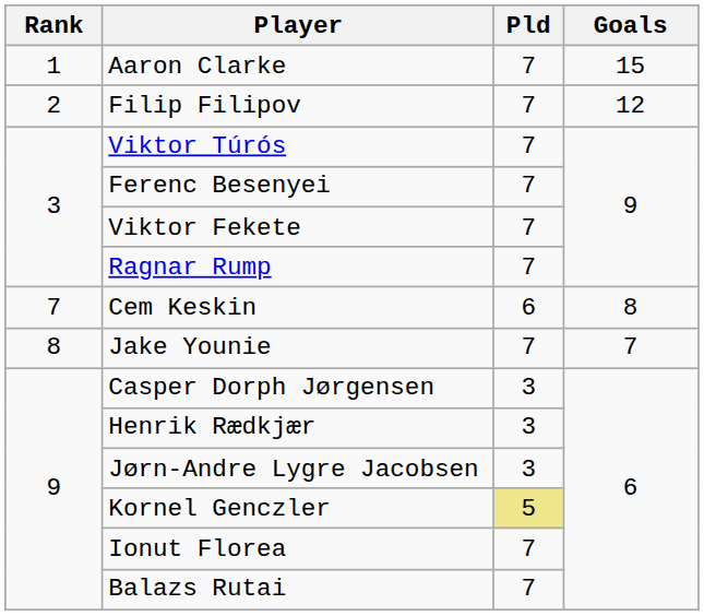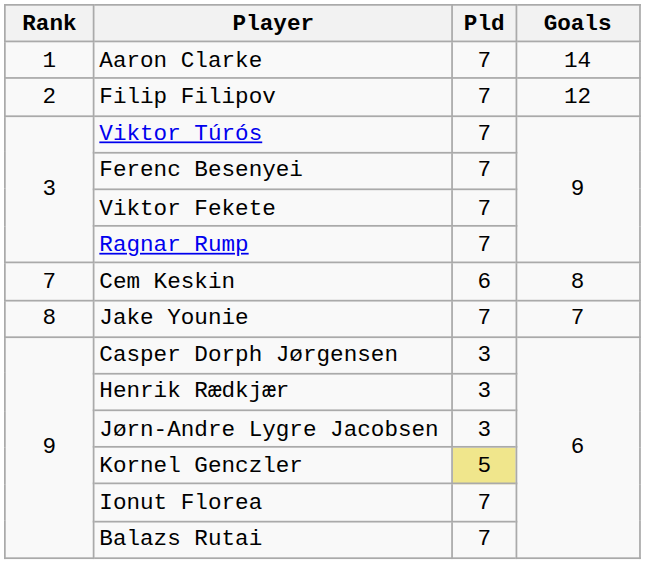 <table class="wikitable" style="text-align:center">
 <tr>
 <th width=45>Rank</th>
 <th width=200>Player</th>
 <th width=30>Pld</th>
 <th width=65>Goals</th>
 </tr>
 <tr>
 <td>1</td>
 <td style="text-align:left"> Aaron Clarke</td>
 <td>7</td>
-<td>15</td>
+<td>14</td>
 </tr>
 <tr>
 <td>2</td>
 <td style="text-align:left"> Filip Filipov</td>
 <td>7</td>
 <td>12</td>
 </tr>
 <tr>
 <td rowspan=4>3</td>
 <td style="text-align:left"> <a href='#'>Viktor Túrós</a></td>
 <td>7</td>
 <td rowspan=4>9</td>
 </tr>
 <tr>
 <td style="text-align:left"> Ferenc Besenyei</td>
 <td>7</td>
 </tr>
 <tr>
 <td style="text-align:left"> Viktor Fekete</td>
 <td>7</td>
 </tr>
 <tr>
 <td style="text-align:left"> <a href='#'>Ragnar Rump</a></td>
 <td>7</td>
 </tr>
 <tr>
 <td>7</td>
 <td style="text-align:left"> Cem Keskin</td>
 <td>6</td>
 <td>8</td>
 </tr>
 <tr>
 <td>8</td>
 <td style="text-align:left"> Jake Younie</td>
 <td>7</td>
 <td>7</td>
 </tr>
 <tr>
 <td rowspan=6>9</td>
 <td style="text-align:left"> Casper Dorph Jørgensen</td>
 <td>3</td>
 <td rowspan=6>6</td>
 </tr>
 <tr>
 <td style="text-align:left"> Henrik Rædkjær</td>
 <td>3</td>
 </tr>
 <tr>
 <td style="text-align:left"> Jørn-Andre Lygre Jacobsen</td>
 <td>3</td>
 </tr>
 <tr>
 <td style="text-align:left"> Kornel Genczler</td>
 <td style="background: khaki;">5</td>
 </tr>
 <tr>
 <td style="text-align:left"> Ionut Florea</td>
 <td>7</td>
 </tr>
 <tr>
 <td style="text-align:left"> Balazs Rutai</td>
 <td>7</td>
 </tr>
 </table>
